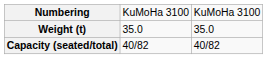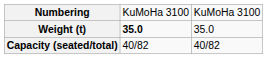 <table class="wikitable">
 <tr>
 <th>Numbering</th>
 <td>KuMoHa 3100</td>
 <td>KuMoHa 3100</td>
 </tr>
 <tr>
 <th>Weight (t)</th>
-<td>35.0</td>
+<td><strong>35.0</strong></td>
 <td>35.0</td>
 </tr>
 <tr>
 <th>Capacity (seated/total)</th>
 <td>40/82</td>
 <td>40/82</td>
 </tr>
 </table>
